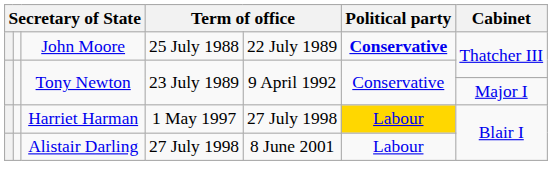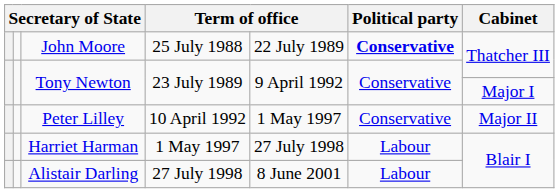 <table class="wikitable" style="text-align:center">
 <tr style="height:1em">
 <th colspan=3>Secretary of State</th>
 <th colspan=2>Term of office</th>
 <th>Political party</th>
 <th>Cabinet</th>
 </tr>
 <tr style="height:1em">
 <th style="background-color:"></th>
 <td></td>
 <td><a href='#'>John Moore</a></td>
 <td>25 July 1988</td>
 <td>22 July 1989</td>
 <td><strong><a href='#'>Conservative</a></strong></td>
 <td rowspan="2" ><a href='#'>Thatcher III</a></td>
 </tr>
 <tr style="height:1em">
 <th rowspan=2 style="background-color:"></th>
 <td rowspan=2></td>
 <td rowspan=2><a href='#'>Tony Newton</a></td>
 <td rowspan=2>23 July 1989</td>
 <td rowspan=2>9 April 1992</td>
 <td rowspan=2 ><a href='#'>Conservative</a></td>
 </tr>
 <tr style="height:1em">
 <td><a href='#'>Major I</a></td>
 </tr>
 <tr style="height:1em">
 <th style="background-color:"></th>
 <td></td>
+<td><a href='#'>Peter Lilley</a></td>
+<td>10 April 1992</td>
+<td>1 May 1997</td>
+<td><a href='#'>Conservative</a></td>
+<td><a href='#'>Major II</a></td>
+</tr>
+<tr style="height:1em">
+<th style="background-color:"></th>
+<td></td>
 <td><a href='#'>Harriet Harman</a></td>
 <td>1 May 1997</td>
 <td>27 July 1998</td>
-<td style="background: gold;"><a href='#'>Labour</a></td>
+<td><a href='#'>Labour</a></td>
 <td rowspan="2" ><a href='#'>Blair I</a></td>
 </tr>
 <tr style="height:1em">
 <th style="background-color:"></th>
 <td></td>
 <td><a href='#'>Alistair Darling</a></td>
 <td>27 July 1998</td>
 <td>8 June 2001</td>
 <td><a href='#'>Labour</a></td>
 </tr>
 </table>
